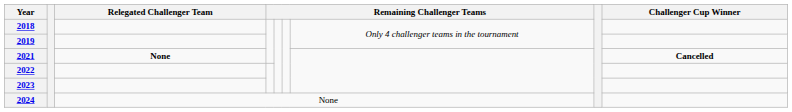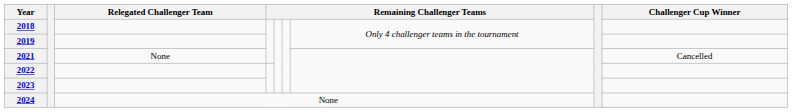 <table class="wikitable" style="font-size:90%; width: 100%; text-align: center;">
 <tr>
 <th>Year</th>
 <th rowspan="7" width="1%" bgcolor="#ffffff"></th>
 <th>Relegated Challenger Team</th>
 <th colspan="4">Remaining Challenger Teams</th>
 <th rowspan="7" width="1%" bgcolor="#ffffff"></th>
 <th>Challenger Cup Winner</th>
 </tr>
 <tr>
 <th><a href='#'>2018</a></th>
 <td> </td>
 <td rowspan="3"> </td>
 <td rowspan="5"> </td>
 <td rowspan="5"> </td>
 <td rowspan="2"><em>Only 4 challenger teams in the tournament</em></td>
 <td> </td>
 </tr>
 <tr>
 <th><a href='#'>2019</a></th>
 <td> </td>
 <td> </td>
 </tr>
 <tr>
 <th><a href='#'>2021</a></th>
-<td><strong>None</strong></td>
+<td>None</td>
 <td rowspan="3"> </td>
-<td><strong>Cancelled</strong></td>
+<td>Cancelled</td>
 </tr>
 <tr>
 <th><a href='#'>2022</a></th>
 <td> </td>
 <td rowspan="2"> </td>
 <td> </td>
 </tr>
 <tr>
 <th><a href='#'>2023</a></th>
 <td> </td>
 <td> </td>
 </tr>
 <tr>
 <th><a href='#'>2024</a></th>
 <td colspan="6">None</td>
 <td> </td>
 </tr>
 </table>
